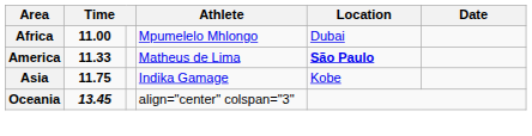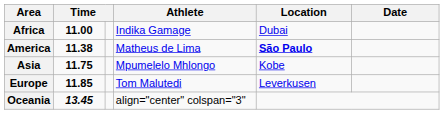 <table class="wikitable">
 <tr>
 <th width="45">Area</th>
 <th width="80" colspan="2">Time</th>
 <th width="200">Athlete</th>
 <th width="130">Location</th>
 <th width="120">Date</th>
 </tr>
 <tr>
 <th>Africa</th>
 <td align="center"><strong>11.00</strong></td>
 <td align="center"><strong></strong></td>
-<td> <a href='#'>Mpumelelo Mhlongo</a></td>
+<td> <a href='#'>Indika Gamage</a></td>
 <td> <a href='#'>Dubai</a></td>
 <td align="right"></td>
 </tr>
 <tr>
 <th>America</th>
-<td align="center"><strong>11.33</strong></td>
+<td align="center"><strong>11.38</strong></td>
 <td align="center"></td>
 <td> <a href='#'>Matheus de Lima</a></td>
 <td><strong> <a href='#'>São Paulo</a></strong></td>
 <td align="right"></td>
 </tr>
 <tr>
 <th>Asia</th>
 <td align="center"><strong>11.75</strong></td>
 <td align="center"></td>
-<td> <a href='#'>Indika Gamage</a></td>
+<td> <a href='#'>Mpumelelo Mhlongo</a></td>
 <td> <a href='#'>Kobe</a></td>
+<td align="right"></td>
+</tr>
+<tr>
+<th>Europe</th>
+<td align="center"><strong>11.85</strong></td>
+<td align="center"></td>
+<td> <a href='#'>Tom Malutedi</a></td>
+<td> <a href='#'>Leverkusen</a></td>
 <td align="right"></td>
 </tr>
 <tr>
 <th>Oceania</th>
 <td align="center"><strong><em>13.45</em></strong></td>
 <td align="center"></td>
 <td>align="center" colspan="3" </td>
 </tr>
 </table>
